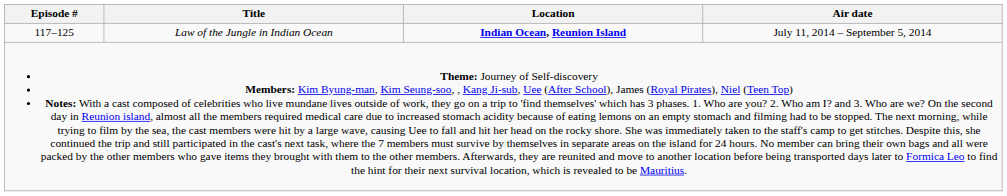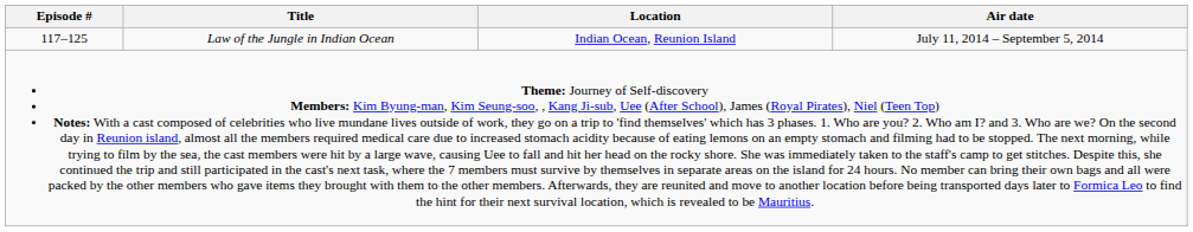 <table class="wikitable" style="text-align:center; font-size:90%; width:100%;">
 <tr>
 <th width="10%">Episode #</th>
 <th width="30%">Title</th>
 <th width="30%">Location</th>
 <th width="30%">Air date</th>
 </tr>
 <tr>
 <td>117–125</td>
 <td><em>Law of the Jungle in Indian Ocean</em></td>
-<td><strong><a href='#'>Indian Ocean</a>, <a href='#'>Reunion Island</a></strong></td>
+<td><a href='#'>Indian Ocean</a>, <a href='#'>Reunion Island</a></td>
 <td>July 11, 2014 – September 5, 2014</td>
 </tr>
 <tr>
 <td colspan="4"><br><ul><li><strong>Theme:</strong> Journey of Self-discovery</li><li><strong>Members:</strong> <a href='#'>Kim Byung-man</a>, <a href='#'>Kim Seung-soo</a>, , <a href='#'>Kang Ji-sub</a>, <a href='#'>Uee</a> (<a href='#'>After School</a>), James (<a href='#'>Royal Pirates</a>), <a href='#'>Niel</a> (<a href='#'>Teen Top</a>)</li><li><strong>Notes:</strong> With a cast composed of celebrities who live mundane lives outside of work, they go on a trip to 'find themselves' which has 3 phases. 1. Who are you? 2. Who am I? and 3. Who are we? On the second day in <a href='#'>Reunion island</a>, almost all the members required medical care due to increased stomach acidity because of eating lemons on an empty stomach and filming had to be stopped. The next morning, while trying to film by the sea, the cast members were hit by a large wave, causing Uee to fall and hit her head on the rocky shore. She was immediately taken to the staff's camp to get stitches. Despite this, she continued the trip and still participated in the cast's next task, where the 7 members must survive by themselves in separate areas on the island for 24 hours. No member can bring their own bags and all were packed by the other members who gave items they brought with them to the other members. Afterwards, they are reunited and move to another location before being transported days later to <a href='#'>Formica Leo</a> to find the hint for their next survival location, which is revealed to be <a href='#'>Mauritius</a>.</li></ul></td>
 </tr>
 </table>
